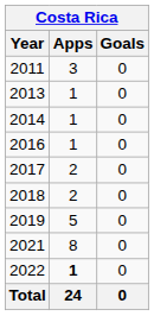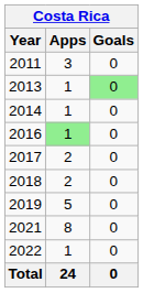 <table class="wikitable" style="text-align:center">
 <tr>
 <th colspan=3><a href='#'>Costa Rica</a></th>
 </tr>
 <tr>
 <th>Year</th>
 <th>Apps</th>
 <th>Goals</th>
 </tr>
 <tr>
 <td>2011</td>
 <td>3</td>
 <td>0</td>
 </tr>
 <tr>
 <td>2013</td>
 <td>1</td>
-<td>0</td>
+<td style="background: lightgreen;">0</td>
 </tr>
 <tr>
 <td>2014</td>
 <td>1</td>
 <td>0</td>
 </tr>
 <tr>
 <td>2016</td>
-<td>1</td>
+<td style="background: lightgreen;">1</td>
 <td>0</td>
 </tr>
 <tr>
 <td>2017</td>
 <td>2</td>
 <td>0</td>
 </tr>
 <tr>
 <td>2018</td>
 <td>2</td>
 <td>0</td>
 </tr>
 <tr>
 <td>2019</td>
 <td>5</td>
 <td>0</td>
 </tr>
 <tr>
 <td>2021</td>
 <td>8</td>
 <td>0</td>
 </tr>
 <tr>
 <td>2022</td>
-<td><strong>1</strong></td>
+<td>1</td>
 <td>0</td>
 </tr>
 <tr>
 <th>Total</th>
 <th>24</th>
 <th>0</th>
 </tr>
 </table>
